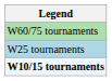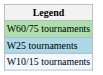 <table class="wikitable" style="font-size:85%">
 <tr>
 <th>Legend</th>
 </tr>
 <tr style="background:#addfad;">
 <td>W60/75 tournaments</td>
 </tr>
 <tr style="background:lightblue;">
 <td>W25 tournaments</td>
 </tr>
 <tr style="background:#f0f8ff;">
-<td><strong>W10/15 tournaments</strong></td>
+<td>W10/15 tournaments</td>
 </tr>
 </table>
